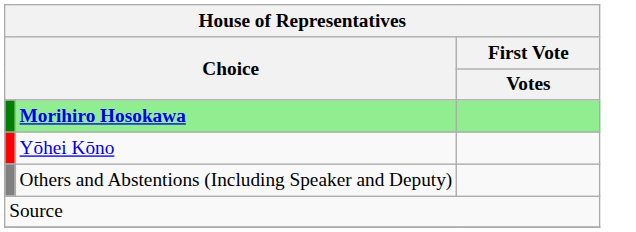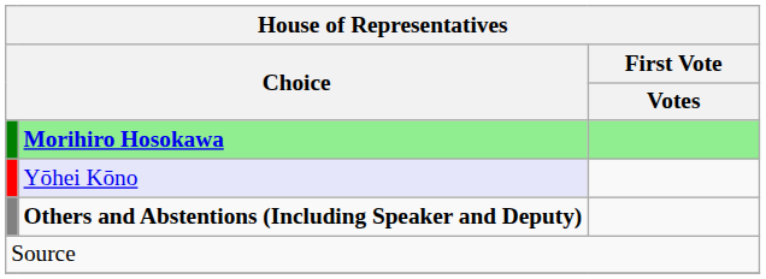 <table class="wikitable" style="font-size:90%;">
 <tr>
 <th colspan="4">House of Representatives</th>
 </tr>
 <tr>
 <th align="left" rowspan="2" colspan="2" width="100">Choice</th>
 <th colspan="2">First Vote</th>
 </tr>
 <tr>
 <th width="100">Votes</th>
 </tr>
 <tr style="background:lightgreen;">
 <td width="1" bgcolor="green"></td>
 <td align="left"><strong><a href='#'>Morihiro Hosokawa</a></strong></td>
 <td></td>
 </tr>
 <tr>
 <td bgcolor="red"></td>
-<td align="left"><a href='#'>Yōhei Kōno</a></td>
+<td align="left" style="background: lavender;"><a href='#'>Yōhei Kōno</a></td>
 <td></td>
 </tr>
 <tr>
 <td bgcolor="gray"></td>
-<td align="left">Others and Abstentions (Including Speaker and Deputy)</td>
+<td align="left"><strong>Others and Abstentions (Including Speaker and Deputy)</strong></td>
 <td></td>
 </tr>
 <tr>
 <td colspan=3>Source</td>
 </tr>
 <tr>
 </tr>
 </table>
